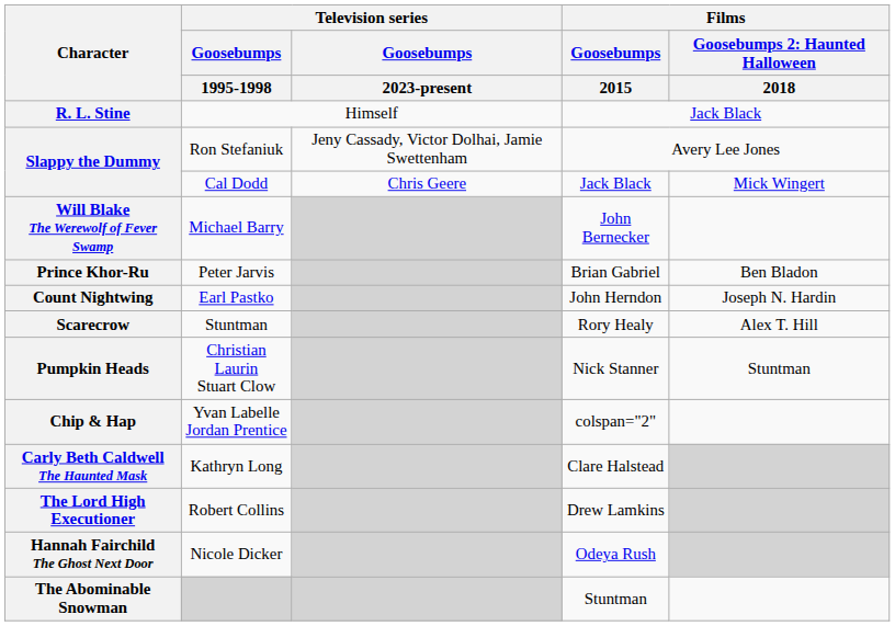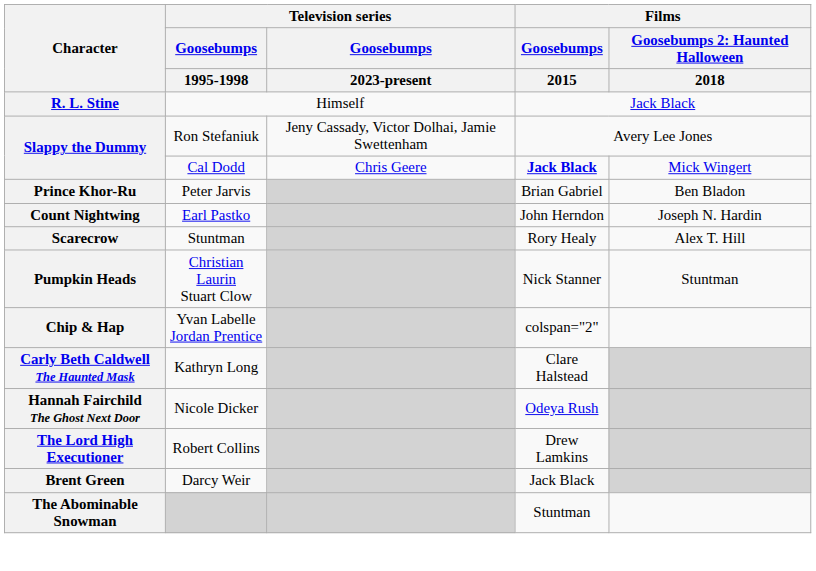 <table class="wikitable" style="text-align:center;">
 <tr>
 <th rowspan="3">Character</th>
 <th colspan="2">Television series</th>
 <th colspan="2">Films</th>
 </tr>
 <tr>
 <th><a href='#'>Goosebumps</a></th>
 <th><a href='#'>Goosebumps</a></th>
 <th><a href='#'>Goosebumps</a></th>
 <th><a href='#'>Goosebumps 2: Haunted Halloween</a></th>
 </tr>
 <tr>
 <th>1995-1998</th>
 <th>2023-present</th>
 <th>2015</th>
 <th>2018</th>
 </tr>
 <tr>
 <th scope="row"><a href='#'>R. L. Stine</a></th>
 <td colspan="2">Himself</td>
 <td colspan="2"><a href='#'>Jack Black</a></td>
 </tr>
 <tr>
 <th rowspan="2" scope="row"><a href='#'>Slappy the Dummy</a></th>
 <td>Ron Stefaniuk<br></td>
 <td>Jeny Cassady, Victor Dolhai, Jamie Swettenham<br></td>
 <td colspan="2">Avery Lee Jones<br></td>
 </tr>
 <tr>
 <td><a href='#'>Cal Dodd</a><br></td>
 <td><a href='#'>Chris Geere</a><br></td>
-<td><a href='#'>Jack Black</a><br></td>
+<td><strong><a href='#'>Jack Black</a><br></strong></td>
 <td><a href='#'>Mick Wingert</a><br></td>
-</tr>
-<tr>
-<th scope="row"><a href='#'>Will Blake<br><small><em>The Werewolf of Fever Swamp</em></small></a></th>
-<td><a href='#'>Michael Barry</a></td>
-<td style="background:lightgrey;"></td>
-<td><a href='#'>John Bernecker</a></td>
-<td></td>
 </tr>
 <tr>
 <th scope="row">Prince Khor-Ru</th>
 <td>Peter Jarvis</td>
 <td style="background:lightgrey;"></td>
 <td>Brian Gabriel</td>
 <td>Ben Bladon</td>
 </tr>
 <tr>
 <th scope="row">Count Nightwing</th>
 <td><a href='#'>Earl Pastko</a></td>
 <td style="background:lightgrey;"></td>
 <td>John Herndon</td>
 <td>Joseph N. Hardin</td>
 </tr>
 <tr>
 <th scope="row">Scarecrow</th>
 <td>Stuntman</td>
 <td style="background:lightgrey;"></td>
 <td>Rory Healy</td>
 <td>Alex T. Hill</td>
 </tr>
 <tr>
 <th scope="row">Pumpkin Heads</th>
 <td><a href='#'>Christian Laurin</a><br>Stuart Clow</td>
 <td style="background:lightgrey;"></td>
 <td>Nick Stanner</td>
 <td>Stuntman</td>
 </tr>
 <tr>
 <th scope="row">Chip & Hap</th>
 <td>Yvan Labelle<br><a href='#'>Jordan Prentice</a></td>
 <td style="background:lightgrey;"></td>
 <td>colspan="2" </td>
 </tr>
 <tr>
 <th scope="row"><a href='#'>Carly Beth Caldwell<br><small><em>The Haunted Mask</em></small></a></th>
 <td>Kathryn Long</td>
 <td style="background:lightgrey;"></td>
 <td>Clare Halstead</td>
 <td style="background:lightgrey;"></td>
 </tr>
 <tr>
+<th scope="row">Hannah Fairchild<br><small><em>The Ghost Next Door</em></small></th>
+<td>Nicole Dicker</td>
+<td style="background:lightgrey;"></td>
+<td><a href='#'>Odeya Rush</a></td>
+<td style="background:lightgrey;"></td>
+</tr>
+<tr>
 <th scope="row"><a href='#'>The Lord High Executioner</a></th>
 <td>Robert Collins</td>
 <td style="background:lightgrey;"></td>
 <td>Drew Lamkins</td>
 <td style="background:lightgrey;"></td>
 </tr>
 <tr>
-<th scope="row">Hannah Fairchild<br><small><em>The Ghost Next Door</em></small></th>
-<td>Nicole Dicker</td>
+<th scope="row">Brent Green</th>
+<td>Darcy Weir</td>
 <td style="background:lightgrey;"></td>
-<td><a href='#'>Odeya Rush</a></td>
+<td>Jack Black<br></td>
 <td style="background:lightgrey;"></td>
 </tr>
 <tr>
 <th scope="row">The Abominable Snowman</th>
 <td style="background:lightgrey;"></td>
 <td style="background:lightgrey;"></td>
 <td>Stuntman</td>
 <td></td>
 </tr>
 </table>
